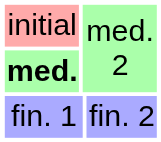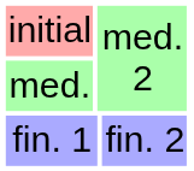 <table>
 <tr align=center>
 <td style="width:30px; background:#faa; height:20px;">initial</td>
 <td style="background:#afa; width:30px;" colspan="2" rowspan="2">med.<br>2</td>
 </tr>
 <tr align=center>
-<td style="background:#afa; height:20px;"><strong>med.</strong></td>
+<td style="background:#afa; height:20px;">med.</td>
 </tr>
 <tr style="text-align:center; background:#aaf;">
 <td colspan="2" style="height:20px;">fin. 1</td>
 <td>fin. 2</td>
 </tr>
 </table>
